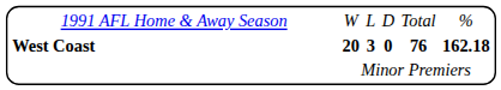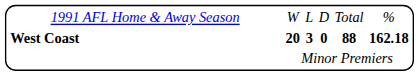 <table style="margin-right:4px; margin-top:8px; float:right; border:1px #000 solid; border-radius:8px; background:#fff; font-family:Verdana; font-size:8pt; text-align:center;">
 <tr>
 <td width=200><em><a href='#'>1991 AFL Home & Away Season</a></em></td>
 <td><em>W</em></td>
 <td><em>L</em></td>
 <td><em>D</em></td>
 <td><em>Total</em></td>
 <td><em>%</em></td>
 </tr>
 <tr>
 <td style="text-align:left"><strong>West Coast</strong></td>
 <td><strong>20</strong></td>
 <td><strong>3</strong></td>
 <td><strong>0</strong></td>
-<td><strong>76</strong></td>
+<td><strong>88</strong></td>
 <td><strong>162.18</strong></td>
 </tr>
 <tr>
 <td></td>
 <td colspan=9><em>Minor Premiers</em></td>
 </tr>
 </table>
